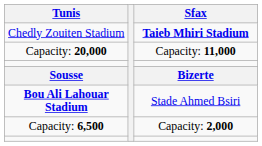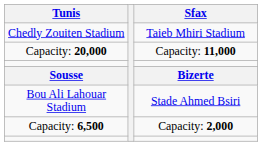 <table class=wikitable style="text-align:center">
 <tr>
 <th width=160><a href='#'>Tunis</a></th>
 <th rowspan=8><br></th>
 <th width=160><a href='#'>Sfax</a></th>
 </tr>
 <tr>
 <td><a href='#'>Chedly Zouiten Stadium</a></td>
-<td><strong><a href='#'>Taieb Mhiri Stadium</a></strong></td>
+<td><a href='#'>Taieb Mhiri Stadium</a></td>
 </tr>
 <tr>
 <td>Capacity: <strong>20,000</strong></td>
 <td>Capacity: <strong>11,000</strong></td>
 </tr>
 <tr>
 <td></td>
 <td></td>
 </tr>
 <tr>
 <th width=160><a href='#'>Sousse</a></th>
 <th><a href='#'>Bizerte</a></th>
 </tr>
 <tr>
-<td><strong><a href='#'>Bou Ali Lahouar Stadium</a></strong></td>
+<td><a href='#'>Bou Ali Lahouar Stadium</a></td>
 <td><a href='#'>Stade Ahmed Bsiri</a></td>
 </tr>
 <tr>
 <td>Capacity: <strong>6,500</strong></td>
 <td>Capacity: <strong>2,000</strong></td>
 </tr>
 <tr>
 <td></td>
 <td></td>
 </tr>
 </table>
